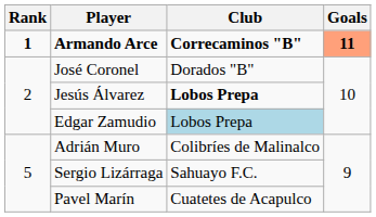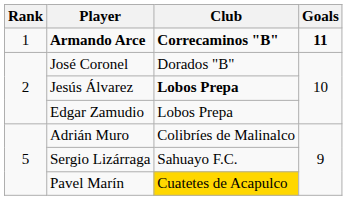 <table class="wikitable">
 <tr>
 <th>Rank</th>
 <th>Player</th>
 <th>Club</th>
 <th>Goals</th>
 </tr>
 <tr>
-<td align=center rowspan=1><strong>1</strong></td>
+<td align=center rowspan=1>1</td>
 <td>  <strong>Armando Arce</strong></td>
 <td><strong>Correcaminos "B"</strong></td>
-<td align=center rowspan=1 style="background: lightsalmon;"><strong>11</strong></td>
+<td align=center rowspan=1><strong>11</strong></td>
 </tr>
 <tr>
 <td align=center rowspan=3>2</td>
 <td> José Coronel</td>
 <td>Dorados "B"</td>
 <td align=center rowspan=3>10</td>
 </tr>
 <tr>
 <td> Jesús Álvarez</td>
 <td><strong>Lobos Prepa</strong></td>
 </tr>
 <tr>
 <td> Edgar Zamudio</td>
-<td style="background: lightblue;">Lobos Prepa</td>
+<td>Lobos Prepa</td>
 </tr>
 <tr>
 <td align=center rowspan=3>5</td>
 <td> Adrián Muro</td>
 <td>Colibríes de Malinalco</td>
 <td align=center rowspan=3>9</td>
 </tr>
 <tr>
 <td> Sergio Lizárraga</td>
 <td>Sahuayo F.C.</td>
 </tr>
 <tr>
 <td> Pavel Marín</td>
-<td>Cuatetes de Acapulco</td>
+<td style="background: gold;">Cuatetes de Acapulco</td>
 </tr>
 </table>
